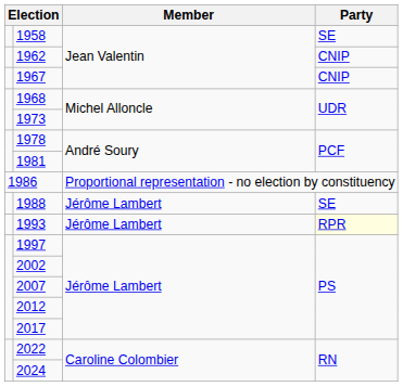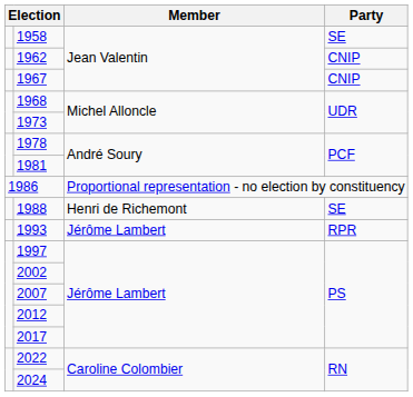 <table class="wikitable">
 <tr>
 <th colspan="2">Election</th>
 <th>Member</th>
 <th>Party</th>
 </tr>
 <tr>
 <td style="color:inherit;background-color: "></td>
 <td><a href='#'>1958</a></td>
 <td rowspan="3">Jean Valentin</td>
 <td><a href='#'>SE</a></td>
 </tr>
 <tr>
 <td style="color:inherit;background-color: "></td>
 <td><a href='#'>1962</a></td>
 <td><a href='#'>CNIP</a></td>
 </tr>
 <tr>
 <td style="color:inherit;background-color: "></td>
 <td><a href='#'>1967</a></td>
 <td><a href='#'>CNIP</a></td>
 </tr>
 <tr>
 <td rowspan="2" style="color:inherit;background-color: "></td>
 <td><a href='#'>1968</a></td>
 <td rowspan="2">Michel Alloncle</td>
 <td rowspan="2"><a href='#'>UDR</a></td>
 </tr>
 <tr>
 <td><a href='#'>1973</a></td>
 </tr>
 <tr>
 <td rowspan="2" style="color:inherit;background-color: "></td>
 <td><a href='#'>1978</a></td>
 <td rowspan="2">André Soury</td>
 <td rowspan="2"><a href='#'>PCF</a></td>
 </tr>
 <tr>
 <td><a href='#'>1981</a></td>
 </tr>
 <tr>
 <td colspan="2"><a href='#'>1986</a></td>
 <td colspan="2"><a href='#'>Proportional representation</a> - no election by constituency</td>
 </tr>
 <tr>
 <td style="color:inherit;background-color: "></td>
 <td><a href='#'>1988</a></td>
-<td><a href='#'>Jérôme Lambert</a></td>
+<td>Henri de Richemont</td>
 <td><a href='#'>SE</a></td>
 </tr>
 <tr>
 <td style="color:inherit;background-color: "></td>
 <td><a href='#'>1993</a></td>
 <td><a href='#'>Jérôme Lambert</a></td>
-<td style="background: lightyellow;"><a href='#'>RPR</a></td>
+<td><a href='#'>RPR</a></td>
 </tr>
 <tr>
 <td rowspan="5" style="color:inherit;background-color: "></td>
 <td><a href='#'>1997</a></td>
 <td rowspan="5"><a href='#'>Jérôme Lambert</a></td>
 <td rowspan="5"><a href='#'>PS</a></td>
 </tr>
 <tr>
 <td><a href='#'>2002</a></td>
 </tr>
 <tr>
 <td><a href='#'>2007</a></td>
 </tr>
 <tr>
 <td><a href='#'>2012</a></td>
 </tr>
 <tr>
 <td><a href='#'>2017</a></td>
 </tr>
 <tr>
 <td rowspan="2" style="color:inherit;background-color: "></td>
 <td><a href='#'>2022</a></td>
 <td rowspan="2"><a href='#'>Caroline Colombier</a></td>
 <td rowspan="2"><a href='#'>RN</a></td>
 </tr>
 <tr>
 <td><a href='#'>2024</a></td>
 </tr>
 </table>
